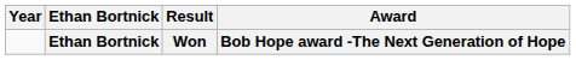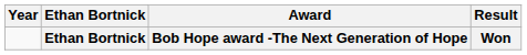 <table class="wikitable sortable mw-collapsible">
 <tr>
 <th>Year</th>
 <th>Ethan Bortnick</th>
+<th>Award</th>
 <th>Result</th>
-<th>Award</th>
 </tr>
 <tr>
 <td></td>
 <th>Ethan Bortnick</th>
+<th>Bob Hope award -The Next Generation of Hope</th>
 <th>Won</th>
-<th>Bob Hope award -The Next Generation of Hope</th>
 </tr>
 </table>
